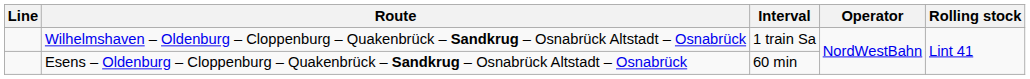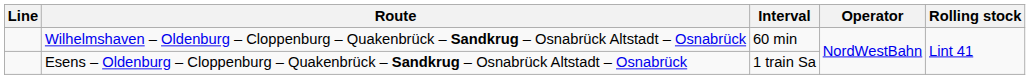 <table class="wikitable">
 <tr>
 <th>Line</th>
 <th>Route</th>
 <th>Interval</th>
 <th>Operator</th>
 <th>Rolling stock</th>
 </tr>
 <tr>
 <td></td>
 <td><a href='#'>Wilhelmshaven</a> –  <a href='#'>Oldenburg</a> – Cloppenburg – Quakenbrück – <strong>Sandkrug</strong> – Osnabrück Altstadt – <a href='#'>Osnabrück</a></td>
-<td>1 train Sa</td>
+<td>60 min</td>
 <td rowspan="2"><a href='#'>NordWestBahn</a></td>
 <td rowspan="2"><a href='#'>Lint 41</a></td>
 </tr>
 <tr>
 <td></td>
 <td>Esens – <a href='#'>Oldenburg</a> – Cloppenburg – Quakenbrück – <strong>Sandkrug</strong> – Osnabrück Altstadt – <a href='#'>Osnabrück</a></td>
-<td>60 min</td>
+<td>1 train Sa</td>
 </tr>
 </table>
